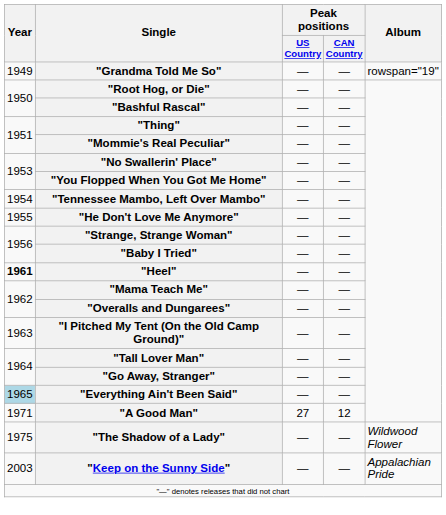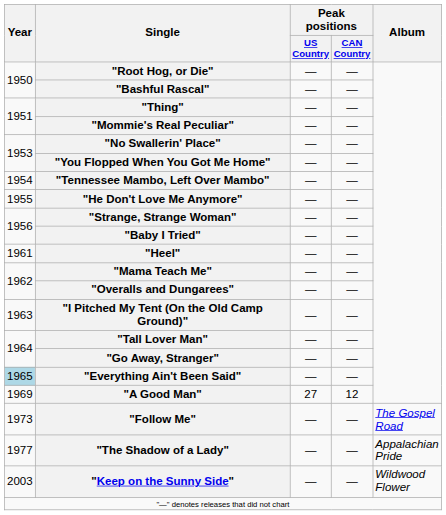 <table class="wikitable plainrowheaders" style="text-align:center;">
 <tr>
 <th rowspan="2">Year</th>
 <th rowspan="2" style="width:22em;">Single</th>
 <th colspan="2">Peak positions</th>
 <th rowspan="2">Album</th>
 </tr>
 <tr style="font-size:smaller;">
 <th style="width:45px;"><a href='#'>US Country</a></th>
 <th style="width:45px;"><a href='#'>CAN Country</a></th>
-</tr>
-<tr>
-<td>1949</td>
-<th scope="row">"Grandma Told Me So"</th>
-<td>—</td>
-<td>—</td>
-<td>rowspan="19" </td>
 </tr>
 <tr>
 <td rowspan="2">1950</td>
 <th scope="row">"Root Hog, or Die"</th>
 <td>—</td>
 <td>—</td>
 </tr>
 <tr>
 <th scope="row">"Bashful Rascal"</th>
 <td>—</td>
 <td>—</td>
 </tr>
 <tr>
 <td rowspan="2">1951</td>
 <th scope="row">"Thing"</th>
 <td>—</td>
 <td>—</td>
 </tr>
 <tr>
 <th scope="row">"Mommie's Real Peculiar"</th>
 <td>—</td>
 <td>—</td>
 </tr>
 <tr>
 <td rowspan="2">1953</td>
 <th scope="row">"No Swallerin' Place"</th>
 <td>—</td>
 <td>—</td>
 </tr>
 <tr>
 <th scope="row">"You Flopped When You Got Me Home"</th>
 <td>—</td>
 <td>—</td>
 </tr>
 <tr>
 <td>1954</td>
 <th scope="row">"Tennessee Mambo, Left Over Mambo"</th>
 <td>—</td>
 <td>—</td>
 </tr>
 <tr>
 <td>1955</td>
 <th scope="row">"He Don't Love Me Anymore"</th>
 <td>—</td>
 <td>—</td>
 </tr>
 <tr>
 <td rowspan="2">1956</td>
 <th scope="row">"Strange, Strange Woman"</th>
 <td>—</td>
 <td>—</td>
 </tr>
 <tr>
 <th scope="row">"Baby I Tried"</th>
 <td>—</td>
 <td>—</td>
 </tr>
 <tr>
-<td><strong>1961</strong></td>
+<td>1961</td>
 <th scope="row">"Heel"</th>
 <td>—</td>
 <td>—</td>
 </tr>
 <tr>
 <td rowspan="2">1962</td>
 <th scope="row">"Mama Teach Me"</th>
 <td>—</td>
 <td>—</td>
 </tr>
 <tr>
 <th scope="row">"Overalls and Dungarees"</th>
 <td>—</td>
 <td>—</td>
 </tr>
 <tr>
 <td>1963</td>
 <th scope="row">"I Pitched My Tent (On the Old Camp Ground)"</th>
 <td>—</td>
 <td>—</td>
 </tr>
 <tr>
 <td rowspan="2">1964</td>
 <th scope="row">"Tall Lover Man"</th>
 <td>—</td>
 <td>—</td>
 </tr>
 <tr>
 <th scope="row">"Go Away, Stranger"</th>
 <td>—</td>
 <td>—</td>
 </tr>
 <tr>
 <td style="background: lightblue;">1965</td>
 <th scope="row">"Everything Ain't Been Said"</th>
 <td>—</td>
 <td>—</td>
 </tr>
 <tr>
-<td>1971</td>
+<td>1969</td>
 <th scope="row">"A Good Man"</th>
 <td>27</td>
 <td>12</td>
 </tr>
 <tr>
-<td>1975</td>
+<td>1973</td>
+<th scope="row">"Follow Me"</th>
+<td>—</td>
+<td>—</td>
+<td style="text-align:left;"><em><a href='#'>The Gospel Road</a></em></td>
+</tr>
+<tr>
+<td>1977</td>
 <th scope="row">"The Shadow of a Lady"</th>
 <td>—</td>
 <td>—</td>
-<td style="text-align:left;"><em>Wildwood Flower</em></td>
+<td style="text-align:left;"><em>Appalachian Pride</em></td>
 </tr>
 <tr>
 <td>2003</td>
 <th scope="row">"<a href='#'>Keep on the Sunny Side</a>"</th>
 <td>—</td>
 <td>—</td>
-<td style="text-align:left;"><em>Appalachian Pride</em></td>
+<td style="text-align:left;"><em>Wildwood Flower</em></td>
 </tr>
 <tr>
 <td colspan="5" style="font-size:8pt">"—" denotes releases that did not chart</td>
 </tr>
 </table>
